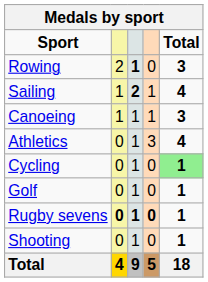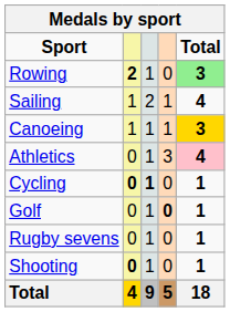 <table class="wikitable" style="text-align:center;font-size:90%">
 <tr style="background:#efefef;">
 <th colspan=7>Medals by sport</th>
 </tr>
 <tr>
 <td><strong>Sport</strong></td>
 <td bgcolor=#f7f6a8></td>
 <td bgcolor=#dce5e5></td>
 <td bgcolor=#ffdab9></td>
 <td><strong>Total</strong></td>
 </tr>
 <tr>
 <td style="text-align:left;"><a href='#'>Rowing</a></td>
-<td style="background:#F7F6A8;">2</td>
-<td style="background:#DCE5E5;"><strong>1</strong></td>
+<td style="background:#F7F6A8;"><strong>2</strong></td>
+<td style="background:#DCE5E5;">1</td>
 <td style="background:#FFDAB9;">0</td>
-<td><strong>3</strong></td>
+<td style="background: lightgreen;"><strong>3</strong></td>
 </tr>
 <tr>
 <td style="text-align:left;"><a href='#'>Sailing</a></td>
 <td style="background:#F7F6A8;">1</td>
-<td style="background:#DCE5E5;"><strong>2</strong></td>
+<td style="background:#DCE5E5;">2</td>
 <td style="background:#FFDAB9;">1</td>
 <td><strong>4</strong></td>
 </tr>
 <tr>
 <td style="text-align:left;"><a href='#'>Canoeing</a></td>
 <td style="background:#F7F6A8;">1</td>
 <td style="background:#DCE5E5;">1</td>
 <td style="background:#FFDAB9;">1</td>
-<td><strong>3</strong></td>
+<td style="background: gold;"><strong>3</strong></td>
 </tr>
 <tr>
 <td style="text-align:left;"><a href='#'>Athletics</a></td>
 <td style="background:#F7F6A8;">0</td>
 <td style="background:#DCE5E5;">1</td>
 <td style="background:#FFDAB9;">3</td>
-<td><strong>4</strong></td>
+<td style="background: pink;"><strong>4</strong></td>
 </tr>
 <tr>
 <td style="text-align:left;"><a href='#'>Cycling</a></td>
-<td style="background:#F7F6A8;">0</td>
-<td style="background:#DCE5E5;">1</td>
+<td style="background:#F7F6A8;"><strong>0</strong></td>
+<td style="background:#DCE5E5;"><strong>1</strong></td>
 <td style="background:#FFDAB9;">0</td>
-<td style="background: lightgreen;"><strong>1</strong></td>
+<td><strong>1</strong></td>
 </tr>
 <tr>
 <td style="text-align:left;"><a href='#'>Golf</a></td>
+<td style="background:#F7F6A8;">0</td>
+<td style="background:#DCE5E5;">1</td>
+<td style="background:#FFDAB9;"><strong>0</strong></td>
+<td><strong>1</strong></td>
+</tr>
+<tr>
+<td style="text-align:left;"><a href='#'>Rugby sevens</a></td>
 <td style="background:#F7F6A8;">0</td>
 <td style="background:#DCE5E5;">1</td>
 <td style="background:#FFDAB9;">0</td>
 <td><strong>1</strong></td>
 </tr>
 <tr>
-<td style="text-align:left;"><a href='#'>Rugby sevens</a></td>
+<td style="text-align:left;"><a href='#'>Shooting</a></td>
 <td style="background:#F7F6A8;"><strong>0</strong></td>
-<td style="background:#DCE5E5;"><strong>1</strong></td>
-<td style="background:#FFDAB9;"><strong>0</strong></td>
-<td><strong>1</strong></td>
-</tr>
-<tr>
-<td style="text-align:left;"><a href='#'>Shooting</a></td>
-<td style="background:#F7F6A8;">0</td>
 <td style="background:#DCE5E5;">1</td>
 <td style="background:#FFDAB9;">0</td>
 <td><strong>1</strong></td>
 </tr>
 <tr>
 <th style="text-align:left;">Total</th>
 <th style="background:gold;">4</th>
 <th style="background:silver;">9</th>
 <th style="background:#c96;">5</th>
 <th>18</th>
 </tr>
 </table>
